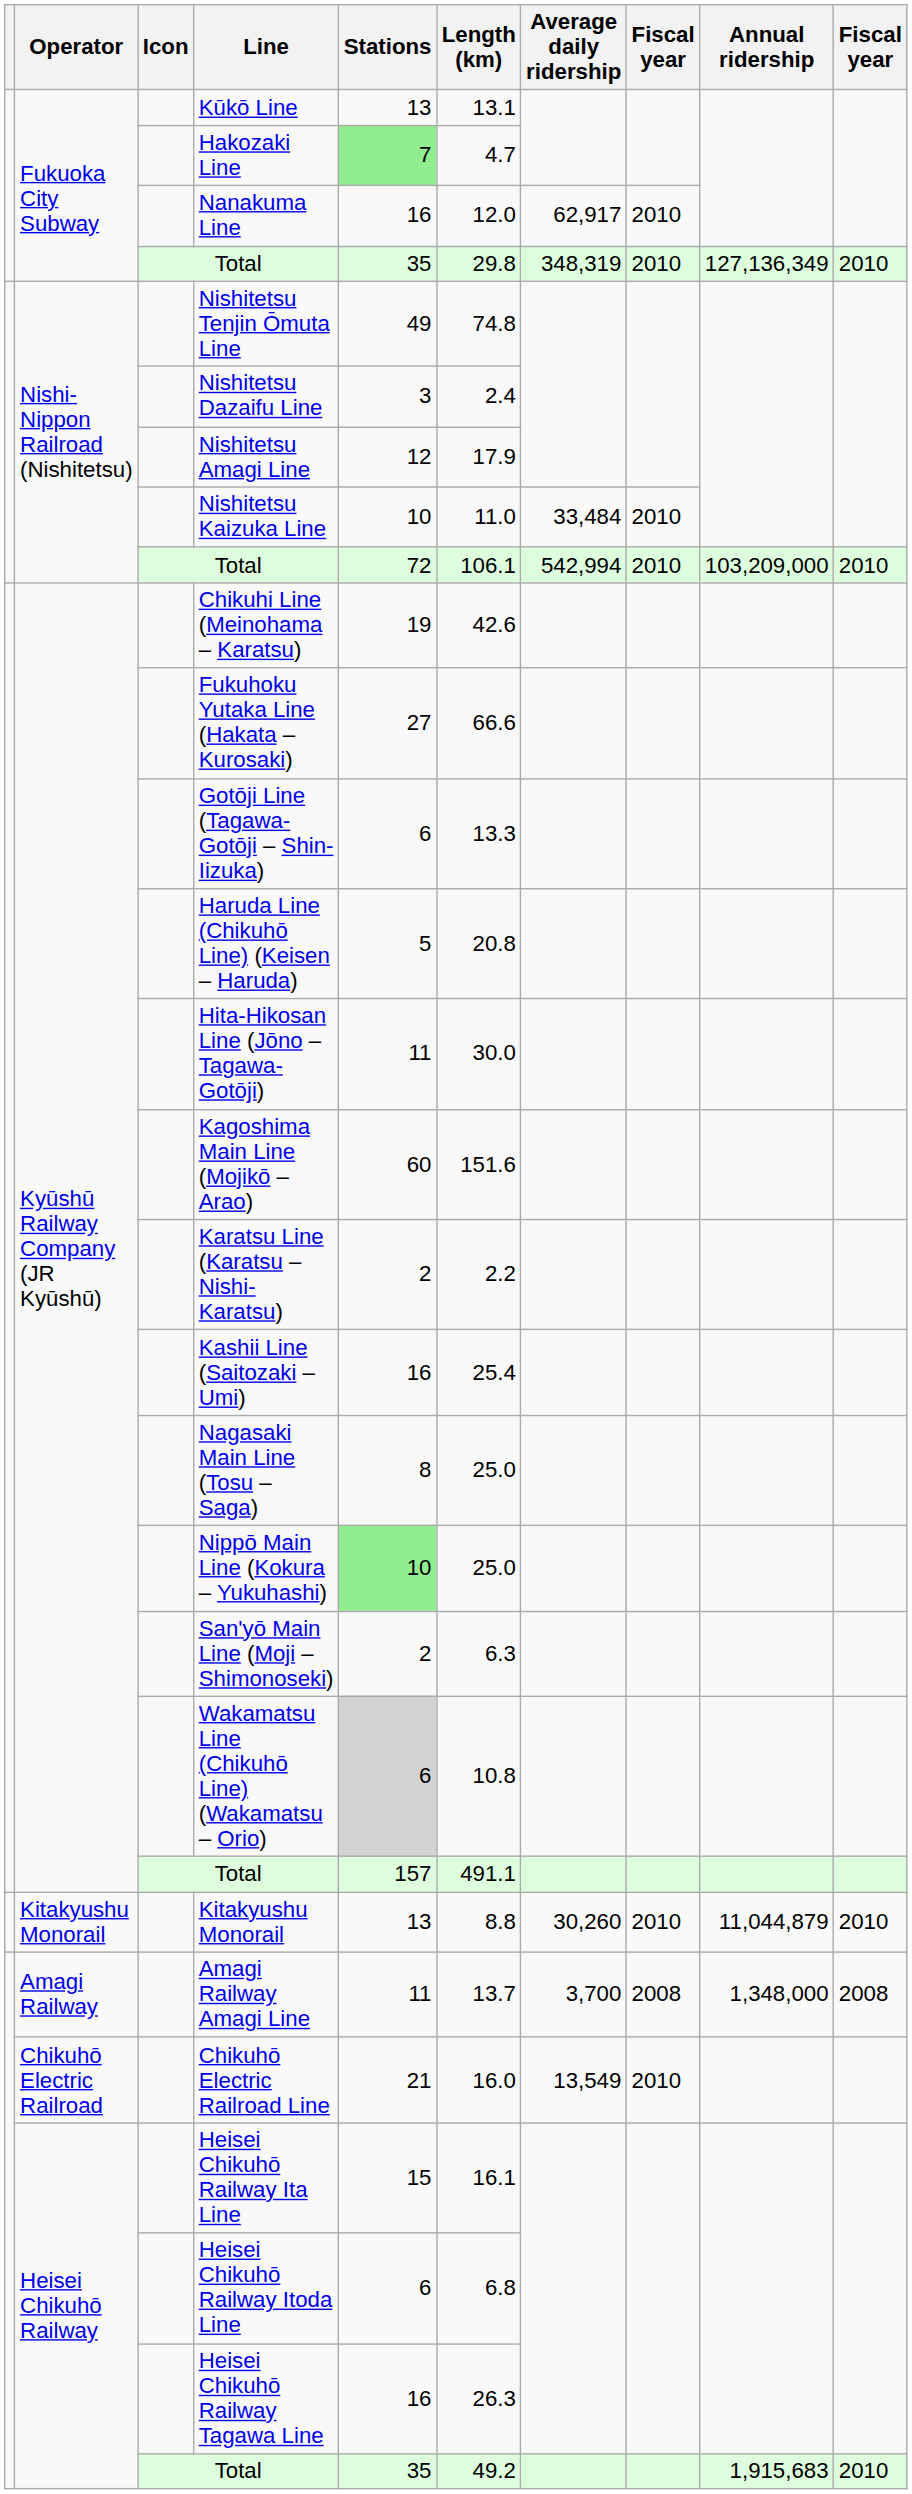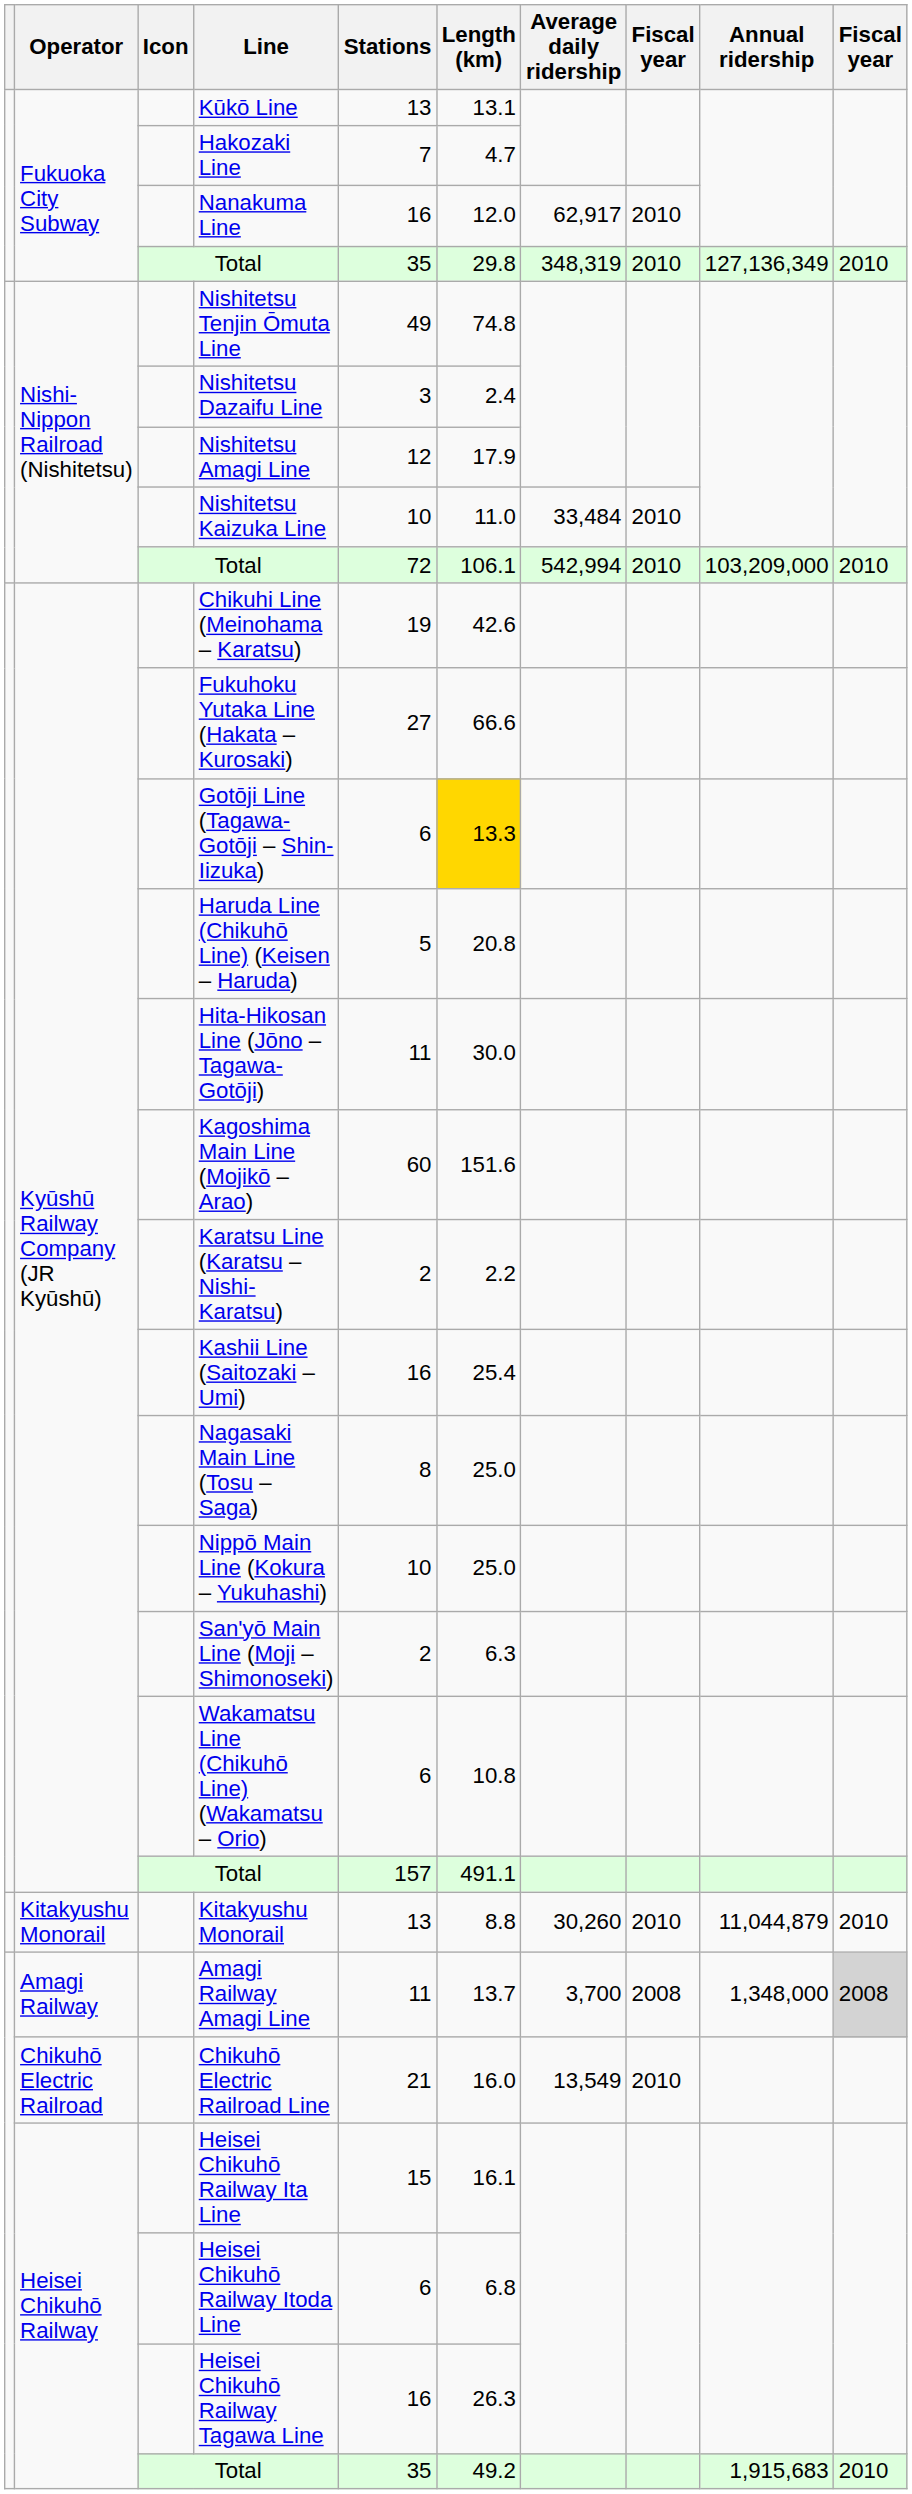 <table class="wikitable sortable">
 <tr>
 <th></th>
 <th>Operator</th>
 <th>Icon</th>
 <th>Line</th>
 <th>Stations</th>
 <th>Length (km)</th>
 <th>Average daily ridership</th>
 <th>Fiscal year</th>
 <th>Annual ridership</th>
 <th>Fiscal year</th>
 </tr>
 <tr>
 <td rowspan="4" style="text-align:center"></td>
 <td rowspan="4"><br><a href='#'>Fukuoka City Subway</a></td>
 <td></td>
 <td><a href='#'>Kūkō Line</a></td>
 <td style="text-align:right">13</td>
 <td style="text-align:right">13.1</td>
 <td rowspan="2" style="text-align:right"></td>
 <td rowspan="2"></td>
 <td rowspan="3" style="text-align:right"></td>
 <td rowspan="3"></td>
 </tr>
 <tr>
 <td></td>
 <td><a href='#'>Hakozaki Line</a></td>
-<td style="background: lightgreen; text-align:right">7</td>
+<td style="text-align:right">7</td>
 <td style="text-align:right">4.7</td>
 </tr>
 <tr>
 <td></td>
 <td><a href='#'>Nanakuma Line</a></td>
 <td style="text-align:right">16</td>
 <td style="text-align:right">12.0</td>
 <td style="text-align:right">62,917</td>
 <td>2010</td>
 </tr>
 <tr style="background:#ddffdd;">
 <td colspan="2" style="text-align:center;">Total</td>
 <td style="text-align:right">35</td>
 <td style="text-align:right">29.8</td>
 <td style="text-align:right">348,319</td>
 <td>2010</td>
 <td style="text-align:right">127,136,349</td>
 <td>2010<br></td>
 </tr>
 <tr>
 <td rowspan="5" style="text-align:center"></td>
 <td rowspan="5"><a href='#'>Nishi-Nippon Railroad</a> (Nishitetsu)</td>
 <td></td>
 <td><a href='#'>Nishitetsu Tenjin Ōmuta Line</a></td>
 <td style="text-align:right">49</td>
 <td style="text-align:right">74.8</td>
 <td rowspan="3" style="text-align:right"></td>
 <td rowspan="3"></td>
 <td rowspan="4" style="text-align:right"></td>
 <td rowspan="4"></td>
 </tr>
 <tr>
 <td></td>
 <td><a href='#'>Nishitetsu Dazaifu Line</a></td>
 <td style="text-align:right">3</td>
 <td style="text-align:right">2.4</td>
 </tr>
 <tr>
 <td></td>
 <td><a href='#'>Nishitetsu Amagi Line</a></td>
 <td style="text-align:right">12</td>
 <td style="text-align:right">17.9</td>
 </tr>
 <tr>
 <td></td>
 <td><a href='#'>Nishitetsu Kaizuka Line</a></td>
 <td style="text-align:right">10</td>
 <td style="text-align:right">11.0</td>
 <td style="text-align:right">33,484</td>
 <td>2010</td>
 </tr>
 <tr style="background:#ddffdd;">
 <td colspan="2" style="text-align:center;">Total</td>
 <td style="text-align:right">72</td>
 <td style="text-align:right">106.1</td>
 <td style="text-align:right">542,994</td>
 <td>2010</td>
 <td style="text-align:right">103,209,000</td>
 <td>2010</td>
 </tr>
 <tr>
 <td rowspan="13" style="text-align:center"></td>
 <td rowspan="13"><br><a href='#'>Kyūshū Railway Company</a> (JR Kyūshū)</td>
 <td></td>
 <td><a href='#'>Chikuhi Line</a> (<a href='#'>Meinohama</a> ‒ <a href='#'>Karatsu</a>)</td>
 <td style="text-align:right">19</td>
 <td style="text-align:right">42.6</td>
 <td></td>
 <td></td>
 <td></td>
 <td></td>
 </tr>
 <tr>
 <td></td>
 <td><a href='#'>Fukuhoku Yutaka Line</a> (<a href='#'>Hakata</a> ‒ <a href='#'>Kurosaki</a>)</td>
 <td style="text-align:right">27</td>
 <td style="text-align:right">66.6</td>
 <td></td>
 <td></td>
 <td></td>
 <td></td>
 </tr>
 <tr>
 <td></td>
 <td><a href='#'>Gotōji Line</a> (<a href='#'>Tagawa-Gotōji</a> ‒ <a href='#'>Shin-Iizuka</a>)</td>
 <td style="text-align:right">6</td>
-<td style="text-align:right">13.3</td>
+<td style="background: gold; text-align:right">13.3</td>
 <td></td>
 <td></td>
 <td></td>
 <td></td>
 </tr>
 <tr>
 <td></td>
 <td><a href='#'>Haruda Line (Chikuhō Line)</a> (<a href='#'>Keisen</a> ‒ <a href='#'>Haruda</a>)</td>
 <td style="text-align:right">5</td>
 <td style="text-align:right">20.8</td>
 <td></td>
 <td></td>
 <td></td>
 <td></td>
 </tr>
 <tr>
 <td></td>
 <td><a href='#'>Hita-Hikosan Line</a> (<a href='#'>Jōno</a> ‒ <a href='#'>Tagawa-Gotōji</a>)</td>
 <td style="text-align:right">11</td>
 <td style="text-align:right">30.0</td>
 <td></td>
 <td></td>
 <td></td>
 <td></td>
 </tr>
 <tr>
 <td><br> </td>
 <td><a href='#'>Kagoshima Main Line</a> (<a href='#'>Mojikō</a> ‒ <a href='#'>Arao</a>)</td>
 <td style="text-align:right">60</td>
 <td style="text-align:right">151.6</td>
 <td></td>
 <td></td>
 <td></td>
 <td></td>
 </tr>
 <tr>
 <td></td>
 <td><a href='#'>Karatsu Line</a> (<a href='#'>Karatsu</a> ‒ <a href='#'>Nishi-Karatsu</a>)</td>
 <td style="text-align:right">2</td>
 <td style="text-align:right">2.2</td>
 <td></td>
 <td></td>
 <td></td>
 <td></td>
 </tr>
 <tr>
 <td></td>
 <td><a href='#'>Kashii Line</a> (<a href='#'>Saitozaki</a> ‒ <a href='#'>Umi</a>)</td>
 <td style="text-align:right">16</td>
 <td style="text-align:right">25.4</td>
 <td></td>
 <td></td>
 <td></td>
 <td></td>
 </tr>
 <tr>
 <td></td>
 <td><a href='#'>Nagasaki Main Line</a> (<a href='#'>Tosu</a> ‒ <a href='#'>Saga</a>)</td>
 <td style="text-align:right">8</td>
 <td style="text-align:right">25.0</td>
 <td></td>
 <td></td>
 <td></td>
 <td></td>
 </tr>
 <tr>
 <td></td>
 <td><a href='#'>Nippō Main Line</a> (<a href='#'>Kokura</a> ‒ <a href='#'>Yukuhashi</a>)</td>
-<td style="background: lightgreen; text-align:right">10</td>
+<td style="text-align:right">10</td>
 <td style="text-align:right">25.0</td>
 <td></td>
 <td></td>
 <td></td>
 <td></td>
 </tr>
 <tr>
 <td></td>
 <td><a href='#'>San'yō Main Line</a> (<a href='#'>Moji</a> ‒ <a href='#'>Shimonoseki</a>)</td>
 <td style="text-align:right">2</td>
 <td style="text-align:right">6.3</td>
 <td></td>
 <td></td>
 <td></td>
 <td></td>
 </tr>
 <tr>
 <td></td>
 <td><a href='#'>Wakamatsu Line (Chikuhō Line)</a> (<a href='#'>Wakamatsu</a> ‒ <a href='#'>Orio</a>)</td>
-<td style="background: lightgrey; text-align:right">6</td>
+<td style="text-align:right">6</td>
 <td style="text-align:right">10.8</td>
 <td></td>
 <td></td>
 <td></td>
 <td></td>
 </tr>
 <tr style="background:#ddffdd;">
 <td colspan="2" style="text-align:center;">Total</td>
 <td style="text-align:right">157</td>
 <td style="text-align:right">491.1</td>
 <td></td>
 <td></td>
 <td></td>
 <td><br></td>
 </tr>
 <tr>
 <td style="text-align:center"></td>
 <td><a href='#'>Kitakyushu Monorail</a></td>
 <td></td>
 <td><a href='#'>Kitakyushu Monorail</a></td>
 <td style="text-align:right">13</td>
 <td style="text-align:right">8.8</td>
 <td style="text-align:right">30,260</td>
 <td>2010</td>
 <td style="text-align:right">11,044,879</td>
 <td>2010<br></td>
 </tr>
 <tr>
 <td rowspan="6" style="text-align:center"></td>
 <td><a href='#'>Amagi Railway</a></td>
 <td></td>
 <td><a href='#'>Amagi Railway Amagi Line</a></td>
 <td style="text-align:right">11</td>
 <td style="text-align:right">13.7</td>
 <td style="text-align:right">3,700</td>
 <td>2008</td>
 <td style="text-align:right">1,348,000</td>
-<td>2008</td>
+<td style="background: lightgrey;">2008</td>
 </tr>
 <tr>
 <td><a href='#'>Chikuhō Electric Railroad</a></td>
 <td></td>
 <td><a href='#'>Chikuhō Electric Railroad Line</a></td>
 <td style="text-align:right">21</td>
 <td style="text-align:right">16.0</td>
 <td style="text-align:right">13,549</td>
 <td>2010</td>
 <td></td>
 <td></td>
 </tr>
 <tr>
 <td rowspan="4"><a href='#'>Heisei Chikuhō Railway</a></td>
 <td></td>
 <td><a href='#'>Heisei Chikuhō Railway Ita Line</a></td>
 <td style="text-align:right">15</td>
 <td style="text-align:right">16.1</td>
 <td rowspan="3"> </td>
 <td rowspan="3"> </td>
 <td rowspan="3" style="text-align:right"></td>
 <td rowspan="3"></td>
 </tr>
 <tr>
 <td></td>
 <td><a href='#'>Heisei Chikuhō Railway Itoda Line</a></td>
 <td style="text-align:right">6</td>
 <td style="text-align:right">6.8</td>
 </tr>
 <tr>
 <td></td>
 <td><a href='#'>Heisei Chikuhō Railway Tagawa Line</a></td>
 <td style="text-align:right">16</td>
 <td style="text-align:right">26.3</td>
 </tr>
 <tr style="background:#ddffdd;">
 <td colspan="2" style="text-align:center;">Total</td>
 <td style="text-align:right">35</td>
 <td style="text-align:right">49.2</td>
 <td></td>
 <td></td>
 <td style="text-align:right">1,915,683</td>
 <td>2010</td>
 </tr>
 </table>
